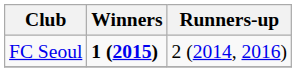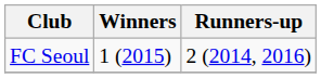 <table class="wikitable">
 <tr>
 <th>Club</th>
 <th>Winners</th>
 <th>Runners-up</th>
 </tr>
 <tr>
 <td><a href='#'>FC Seoul</a></td>
-<td><strong>1 (<a href='#'>2015</a>)</strong></td>
+<td>1 (<a href='#'>2015</a>)</td>
 <td>2 (<a href='#'>2014</a>, <a href='#'>2016</a>)</td>
 </tr>
 <tr>
 </tr>
 </table>
